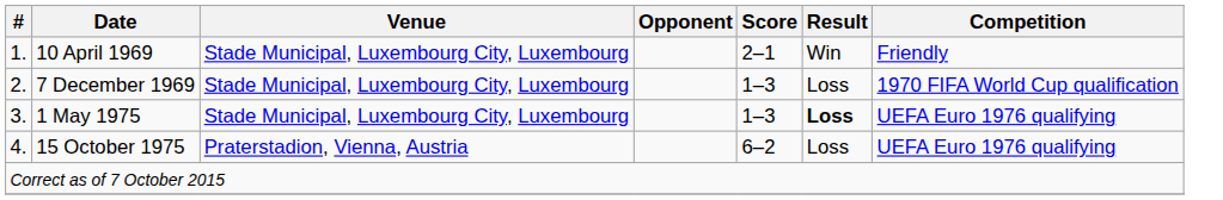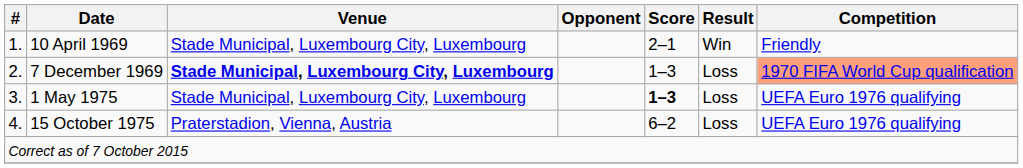 <table class="wikitable" style="font-size:95%;">
 <tr>
 <th>#</th>
 <th>Date</th>
 <th>Venue</th>
 <th>Opponent</th>
 <th>Score</th>
 <th>Result</th>
 <th>Competition</th>
 </tr>
 <tr>
 <td>1.</td>
 <td>10 April 1969</td>
 <td><a href='#'>Stade Municipal</a>, <a href='#'>Luxembourg City</a>, <a href='#'>Luxembourg</a></td>
 <td></td>
 <td>2–1</td>
 <td>Win</td>
 <td><a href='#'>Friendly</a></td>
 </tr>
 <tr>
 <td>2.</td>
 <td>7 December 1969</td>
-<td><a href='#'>Stade Municipal</a>, <a href='#'>Luxembourg City</a>, <a href='#'>Luxembourg</a></td>
+<td><strong><a href='#'>Stade Municipal</a>, <a href='#'>Luxembourg City</a>, <a href='#'>Luxembourg</a></strong></td>
 <td></td>
 <td>1–3</td>
 <td>Loss</td>
-<td><a href='#'>1970 FIFA World Cup qualification</a></td>
+<td style="background: lightsalmon;"><a href='#'>1970 FIFA World Cup qualification</a></td>
 </tr>
 <tr>
 <td>3.</td>
 <td>1 May 1975</td>
 <td><a href='#'>Stade Municipal</a>, <a href='#'>Luxembourg City</a>, <a href='#'>Luxembourg</a></td>
 <td></td>
-<td>1–3</td>
-<td><strong>Loss</strong></td>
+<td><strong>1–3</strong></td>
+<td>Loss</td>
 <td><a href='#'>UEFA Euro 1976 qualifying</a></td>
 </tr>
 <tr>
 <td>4.</td>
 <td>15 October 1975</td>
 <td><a href='#'>Praterstadion</a>, <a href='#'>Vienna</a>, <a href='#'>Austria</a></td>
 <td></td>
 <td>6–2</td>
 <td>Loss</td>
 <td><a href='#'>UEFA Euro 1976 qualifying</a></td>
 </tr>
 <tr>
 <td colspan="15"><small><em>Correct as of 7 October 2015</em></small></td>
 </tr>
 <tr>
 </tr>
 </table>
